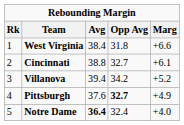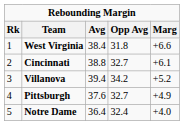 <table class="wikitable" style="white-space:nowrap; font-size:90%;">
 <tr>
 <td colspan=5 align=center><strong>Rebounding Margin</strong></td>
 </tr>
 <tr>
 <th>Rk</th>
 <th>Team</th>
 <th>Avg</th>
 <th>Opp Avg</th>
 <th>Marg</th>
 </tr>
 <tr>
 <td>1</td>
 <td><strong>West Virginia</strong></td>
 <td>38.4</td>
 <td>31.8</td>
 <td>+6.6</td>
 </tr>
 <tr>
 <td>2</td>
 <td><strong>Cincinnati</strong></td>
 <td>38.8</td>
 <td>32.7</td>
 <td>+6.1</td>
 </tr>
 <tr>
 <td>3</td>
 <td><strong>Villanova</strong></td>
 <td>39.4</td>
 <td>34.2</td>
 <td>+5.2</td>
 </tr>
 <tr>
 <td>4</td>
 <td><strong>Pittsburgh</strong></td>
 <td>37.6</td>
-<td><strong>32.7</strong></td>
+<td>32.7</td>
 <td>+4.9</td>
 </tr>
 <tr>
 <td>5</td>
 <td><strong>Notre Dame</strong></td>
-<td><strong>36.4</strong></td>
+<td>36.4</td>
 <td>32.4</td>
 <td>+4.0</td>
 </tr>
 </table>
